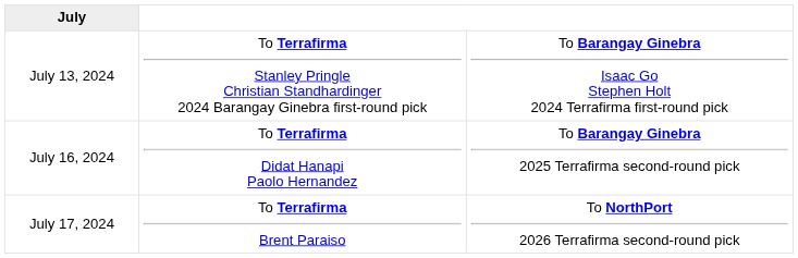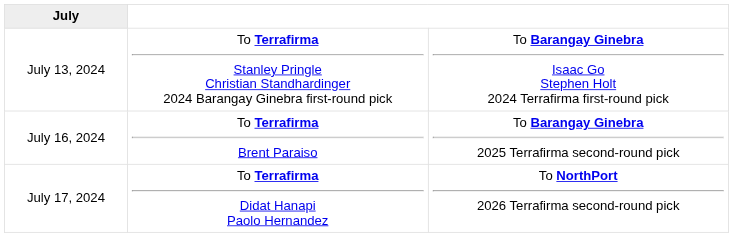 <table border=1 style="border-collapse:collapse; text-align: center; width: 100%" bordercolor="#DFDFDF"  cellpadding="5">
 <tr bgcolor="eeeeee">
 <th>July</th>
 </tr>
 <tr>
 <td style="width:12%">July 13, 2024</td>
 <td style="width:29.3%" valign="top">To <strong><a href='#'>Terrafirma</a></strong><hr><a href='#'>Stanley Pringle</a><br><a href='#'>Christian Standhardinger</a><br>2024 Barangay Ginebra first-round pick</td>
 <td style="width:29.3%" valign="top">To <strong><a href='#'>Barangay Ginebra</a></strong><hr><a href='#'>Isaac Go</a><br><a href='#'>Stephen Holt</a><br>2024 Terrafirma first-round pick</td>
 </tr>
 <tr>
 <td style="width:12%">July 16, 2024</td>
-<td style="width:29.3%" valign="top">To <strong><a href='#'>Terrafirma</a></strong><hr><a href='#'>Didat Hanapi</a><br><a href='#'>Paolo Hernandez</a></td>
+<td style="width:29.3%" valign="top">To <strong><a href='#'>Terrafirma</a></strong><hr><a href='#'>Brent Paraiso</a></td>
 <td style="width:29.3%" valign="top">To <strong><a href='#'>Barangay Ginebra</a></strong><hr>2025 Terrafirma second-round pick</td>
 </tr>
 <tr>
 <td style="width:12%">July 17, 2024</td>
-<td style="width:29.3%" valign="top">To <strong><a href='#'>Terrafirma</a></strong><hr><a href='#'>Brent Paraiso</a></td>
+<td style="width:29.3%" valign="top">To <strong><a href='#'>Terrafirma</a></strong><hr><a href='#'>Didat Hanapi</a><br><a href='#'>Paolo Hernandez</a></td>
 <td style="width:29.3%" valign="top">To <strong><a href='#'>NorthPort</a></strong><hr>2026 Terrafirma second-round pick</td>
 </tr>
 </table>
